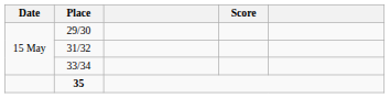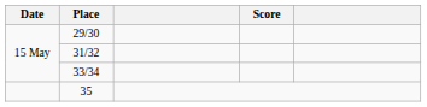 <table class="wikitable" style="text-align: center; font-size:90% ">
 <tr>
 <th width="60">Date</th>
 <th width="60">Place</th>
 <th align="right" width="150"></th>
 <th width="60">Score</th>
 <th align="left" width="150"></th>
 </tr>
 <tr>
 <td rowspan=3>15 May</td>
 <td>29/30</td>
 <td align=left><strong></strong></td>
 <td align=center></td>
 <td align=left></td>
 </tr>
 <tr>
 <td>31/32</td>
 <td align=left><strong></strong></td>
 <td align=center></td>
 <td align=left></td>
 </tr>
 <tr>
 <td>33/34</td>
 <td align=left><strong></strong></td>
 <td align=center></td>
 <td align=left></td>
 </tr>
 <tr>
 <td></td>
-<td><strong>35</strong></td>
+<td>35</td>
 <td colspan=3 align=left></td>
 </tr>
 </table>
